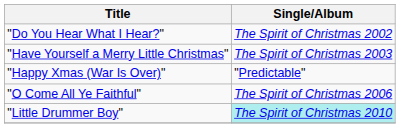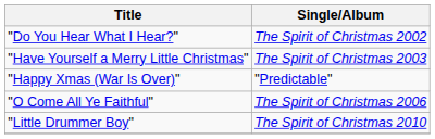 <table class="wikitable">
 <tr>
 <th>Title</th>
 <th>Single/Album</th>
 </tr>
 <tr>
 <td>"<a href='#'>Do You Hear What I Hear?</a>"</td>
 <td><em><a href='#'>The Spirit of Christmas 2002</a></em></td>
 </tr>
 <tr>
 <td>"<a href='#'>Have Yourself a Merry Little Christmas</a>"</td>
 <td><em><a href='#'>The Spirit of Christmas 2003</a></em></td>
 </tr>
 <tr>
 <td>"<a href='#'>Happy Xmas (War Is Over)</a>"</td>
 <td>"<a href='#'>Predictable</a>"</td>
 </tr>
 <tr>
 <td>"<a href='#'>O Come All Ye Faithful</a>"</td>
 <td><em><a href='#'>The Spirit of Christmas 2006</a></em></td>
 </tr>
 <tr>
 <td>"<a href='#'>Little Drummer Boy</a>"</td>
-<td style="background: paleturquoise;"><em><a href='#'>The Spirit of Christmas 2010</a></em></td>
+<td><em><a href='#'>The Spirit of Christmas 2010</a></em></td>
 </tr>
 <tr>
 </tr>
 </table>
